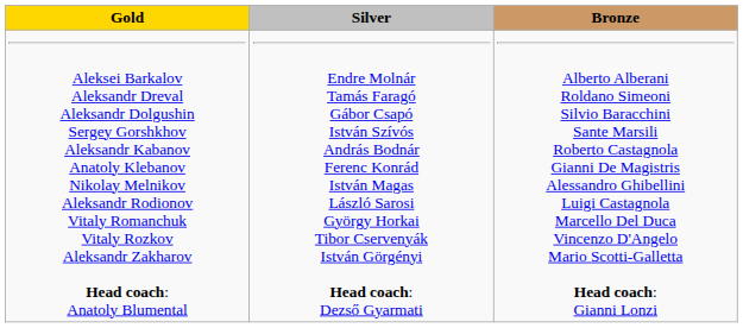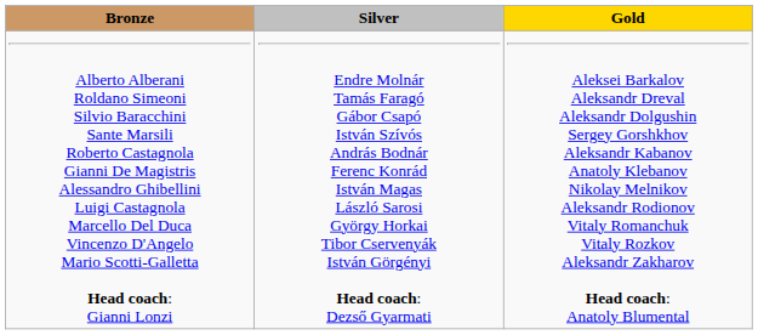 <table class="wikitable">
 <tr>
+<th style="text-align:center; width:15em; background-color:#CC9966;">Bronze</th>
+<th style="text-align:center; width:15em; background-color:silver;">Silver</th>
 <th style="text-align:center; width:15em; background-color:gold;">Gold</th>
-<th style="text-align:center; width:15em; background-color:silver;">Silver</th>
-<th style="text-align:center; width:15em; background-color:#CC9966;">Bronze</th>
 </tr>
 <tr>
+<td style="text-align:center; vertical-align:top;"><strong></strong> <hr><br><a href='#'>Alberto Alberani</a><br> <a href='#'>Roldano Simeoni</a><br> <a href='#'>Silvio Baracchini</a><br> <a href='#'>Sante Marsili</a><br> <a href='#'>Roberto Castagnola</a><br> <a href='#'>Gianni De Magistris</a><br> <a href='#'>Alessandro Ghibellini</a><br> <a href='#'>Luigi Castagnola</a><br> <a href='#'>Marcello Del Duca</a><br> <a href='#'>Vincenzo D'Angelo</a><br> <a href='#'>Mario Scotti-Galletta</a><br><br><strong>Head coach</strong>: <br><a href='#'>Gianni Lonzi</a></td>
+<td style="text-align:center; vertical-align:top;"><strong></strong> <hr><br><a href='#'>Endre Molnár</a><br> <a href='#'>Tamás Faragó</a><br> <a href='#'>Gábor Csapó</a><br> <a href='#'>István Szívós</a><br> <a href='#'>András Bodnár</a><br> <a href='#'>Ferenc Konrád</a><br> <a href='#'>István Magas</a><br> <a href='#'>László Sarosi</a><br> <a href='#'>György Horkai</a><br> <a href='#'>Tibor Cservenyák</a><br> <a href='#'>István Görgényi</a><br><br><strong>Head coach</strong>: <br><a href='#'>Dezső Gyarmati</a></td>
 <td style="text-align:center; vertical-align:top;"><strong></strong> <hr><br><a href='#'>Aleksei Barkalov</a><br> <a href='#'>Aleksandr Dreval</a><br> <a href='#'>Aleksandr Dolgushin</a><br> <a href='#'>Sergey Gorshkhov</a><br> <a href='#'>Aleksandr Kabanov</a><br> <a href='#'>Anatoly Klebanov</a><br> <a href='#'>Nikolay Melnikov</a><br> <a href='#'>Aleksandr Rodionov</a><br> <a href='#'>Vitaly Romanchuk</a><br> <a href='#'>Vitaly Rozkov</a><br> <a href='#'>Aleksandr Zakharov</a><br><br><strong>Head coach</strong>: <br><a href='#'>Anatoly Blumental</a></td>
-<td style="text-align:center; vertical-align:top;"><strong></strong> <hr><br><a href='#'>Endre Molnár</a><br> <a href='#'>Tamás Faragó</a><br> <a href='#'>Gábor Csapó</a><br> <a href='#'>István Szívós</a><br> <a href='#'>András Bodnár</a><br> <a href='#'>Ferenc Konrád</a><br> <a href='#'>István Magas</a><br> <a href='#'>László Sarosi</a><br> <a href='#'>György Horkai</a><br> <a href='#'>Tibor Cservenyák</a><br> <a href='#'>István Görgényi</a><br><br><strong>Head coach</strong>: <br><a href='#'>Dezső Gyarmati</a></td>
-<td style="text-align:center; vertical-align:top;"><strong></strong> <hr><br><a href='#'>Alberto Alberani</a><br> <a href='#'>Roldano Simeoni</a><br> <a href='#'>Silvio Baracchini</a><br> <a href='#'>Sante Marsili</a><br> <a href='#'>Roberto Castagnola</a><br> <a href='#'>Gianni De Magistris</a><br> <a href='#'>Alessandro Ghibellini</a><br> <a href='#'>Luigi Castagnola</a><br> <a href='#'>Marcello Del Duca</a><br> <a href='#'>Vincenzo D'Angelo</a><br> <a href='#'>Mario Scotti-Galletta</a><br><br><strong>Head coach</strong>: <br><a href='#'>Gianni Lonzi</a></td>
 </tr>
 </table>
